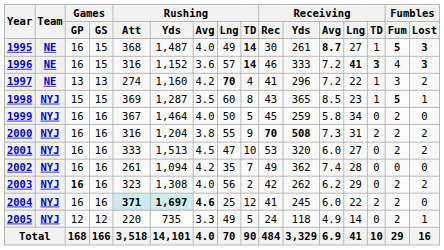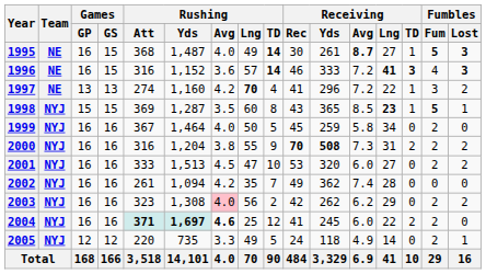 <table class="wikitable" style="text-align:center;">
 <tr>
 <th rowspan="2">Year</th>
 <th rowspan="2">Team</th>
 <th colspan="2">Games</th>
 <th colspan="5">Rushing</th>
 <th colspan="5">Receiving</th>
 <th colspan="2">Fumbles</th>
 </tr>
 <tr>
 <th>GP</th>
 <th>GS</th>
 <th>Att</th>
 <th>Yds</th>
 <th>Avg</th>
 <th>Lng</th>
 <th>TD</th>
 <th>Rec</th>
 <th>Yds</th>
 <th>Avg</th>
 <th>Lng</th>
 <th>TD</th>
 <th>Fum</th>
 <th>Lost</th>
 </tr>
 <tr>
 <th><a href='#'>1995</a></th>
 <th><a href='#'>NE</a></th>
 <td>16</td>
 <td>15</td>
 <td>368</td>
 <td>1,487</td>
 <td>4.0</td>
 <td>49</td>
 <td><strong>14</strong></td>
 <td>30</td>
 <td>261</td>
 <td><strong>8.7</strong></td>
 <td>27</td>
 <td>1</td>
 <td><strong>5</strong></td>
 <td><strong>3</strong></td>
 </tr>
 <tr>
 <th><a href='#'>1996</a></th>
 <th><a href='#'>NE</a></th>
 <td>16</td>
 <td>15</td>
 <td>316</td>
 <td>1,152</td>
 <td>3.6</td>
 <td>57</td>
 <td><strong>14</strong></td>
 <td>46</td>
 <td>333</td>
 <td>7.2</td>
 <td><strong>41</strong></td>
 <td><strong>3</strong></td>
 <td>4</td>
 <td><strong>3</strong></td>
 </tr>
 <tr>
 <th><a href='#'>1997</a></th>
 <th><a href='#'>NE</a></th>
 <td>13</td>
 <td>13</td>
 <td>274</td>
 <td>1,160</td>
 <td>4.2</td>
 <td><strong>70</strong></td>
 <td>4</td>
 <td>41</td>
 <td>296</td>
 <td>7.2</td>
 <td>22</td>
 <td>1</td>
 <td>3</td>
 <td>2</td>
 </tr>
 <tr>
 <th><a href='#'>1998</a></th>
 <th><a href='#'>NYJ</a></th>
 <td>15</td>
 <td>15</td>
 <td>369</td>
 <td>1,287</td>
 <td>3.5</td>
 <td>60</td>
 <td>8</td>
 <td>43</td>
 <td>365</td>
 <td>8.5</td>
-<td>23</td>
+<td><strong>23</strong></td>
 <td>1</td>
 <td><strong>5</strong></td>
 <td>1</td>
 </tr>
 <tr>
 <th><a href='#'>1999</a></th>
 <th><a href='#'>NYJ</a></th>
 <td>16</td>
 <td>16</td>
 <td>367</td>
 <td>1,464</td>
 <td>4.0</td>
 <td>50</td>
 <td>5</td>
 <td>45</td>
 <td>259</td>
 <td>5.8</td>
 <td>34</td>
 <td>0</td>
 <td>2</td>
 <td>0</td>
 </tr>
 <tr>
 <th><a href='#'>2000</a></th>
 <th><a href='#'>NYJ</a></th>
 <td>16</td>
 <td>16</td>
 <td>316</td>
 <td>1,204</td>
 <td>3.8</td>
 <td>55</td>
 <td>9</td>
 <td><strong>70</strong></td>
 <td><strong>508</strong></td>
 <td>7.3</td>
 <td>31</td>
 <td>2</td>
 <td>2</td>
 <td>2</td>
 </tr>
 <tr>
 <th><a href='#'>2001</a></th>
 <th><a href='#'>NYJ</a></th>
 <td>16</td>
 <td>16</td>
 <td>333</td>
 <td>1,513</td>
 <td>4.5</td>
 <td>47</td>
 <td>10</td>
 <td>53</td>
 <td>320</td>
 <td>6.0</td>
 <td>27</td>
 <td>0</td>
 <td>2</td>
 <td>2</td>
 </tr>
 <tr>
 <th><a href='#'>2002</a></th>
 <th><a href='#'>NYJ</a></th>
 <td>16</td>
 <td>16</td>
 <td>261</td>
 <td>1,094</td>
 <td>4.2</td>
 <td>35</td>
 <td>7</td>
 <td>49</td>
 <td>362</td>
 <td>7.4</td>
 <td>28</td>
 <td>0</td>
 <td>0</td>
 <td>0</td>
 </tr>
 <tr>
 <th><a href='#'>2003</a></th>
 <th><a href='#'>NYJ</a></th>
-<td><strong>16</strong></td>
+<td>16</td>
 <td>16</td>
 <td>323</td>
 <td>1,308</td>
-<td>4.0</td>
+<td style="background: pink;">4.0</td>
 <td>56</td>
 <td>2</td>
 <td>42</td>
 <td>262</td>
 <td>6.2</td>
 <td>29</td>
 <td>0</td>
 <td>2</td>
 <td>2</td>
 </tr>
 <tr>
 <th><a href='#'>2004</a></th>
 <th><a href='#'>NYJ</a></th>
 <td>16</td>
 <td>16</td>
 <td style="background:#cfecec; width:3em;"><strong>371</strong></td>
 <td style="background:#cfecec; width:3em;"><strong>1,697</strong></td>
 <td><strong>4.6</strong></td>
 <td>25</td>
 <td>12</td>
 <td>41</td>
 <td>245</td>
 <td>6.0</td>
 <td>22</td>
 <td>2</td>
 <td>2</td>
 <td>0</td>
 </tr>
 <tr>
 <th><a href='#'>2005</a></th>
 <th><a href='#'>NYJ</a></th>
 <td>12</td>
 <td>12</td>
 <td>220</td>
 <td>735</td>
 <td>3.3</td>
 <td>49</td>
 <td>5</td>
 <td>24</td>
 <td>118</td>
 <td>4.9</td>
 <td>14</td>
 <td>0</td>
 <td>2</td>
 <td>1</td>
 </tr>
 <tr>
 <th colspan="2">Total</th>
 <th>168</th>
 <th>166</th>
 <th>3,518</th>
 <th>14,101</th>
 <th>4.0</th>
 <th>70</th>
 <th>90</th>
 <th>484</th>
 <th>3,329</th>
 <th>6.9</th>
 <th>41</th>
 <th>10</th>
 <th>29</th>
 <th>16</th>
 </tr>
 </table>
